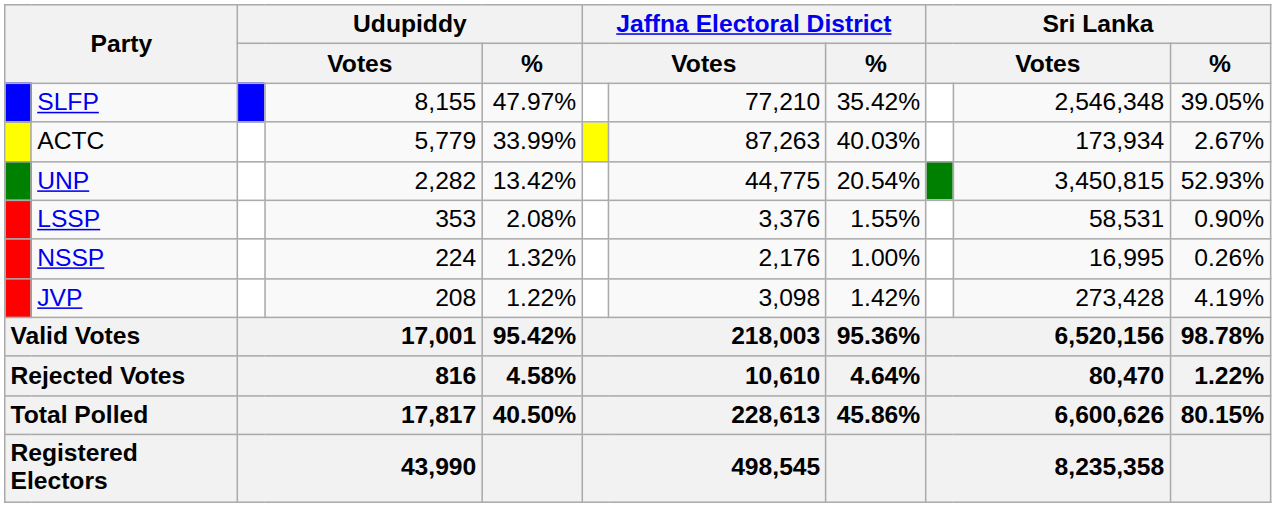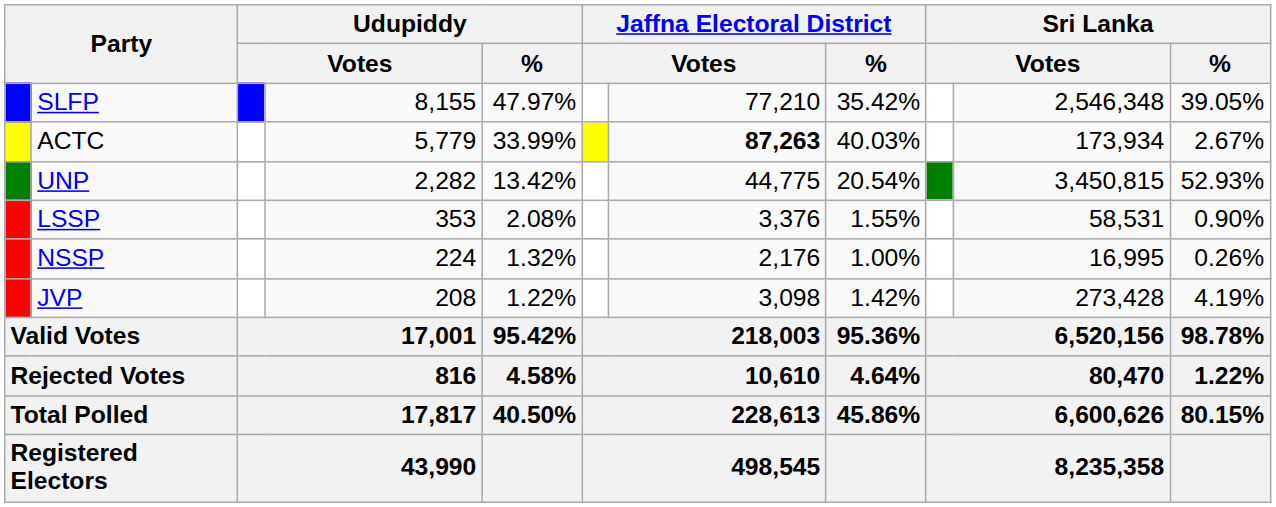 <table class="wikitable">
 <tr>
 <th colspan="2" width="144px"rowspan="2">Party</th>
 <th colspan="3" width="216px">Udupiddy</th>
 <th colspan="3" width="216px"><a href='#'>Jaffna Electoral District</a></th>
 <th colspan="3" width="216px">Sri Lanka</th>
 </tr>
 <tr>
 <th colspan="2" width="144px">Votes</th>
 <th>%</th>
 <th colspan="2" width="144px">Votes</th>
 <th>%</th>
 <th colspan="2" width="144px">Votes</th>
 <th>%</th>
 </tr>
 <tr>
 <td style="background-color:blue;" width="10px"></td>
 <td style="text-align:left;"><a href='#'>SLFP</a></td>
 <td style="background-color:blue;" width="10px"></td>
 <td style="text-align:right;">8,155</td>
 <td style="text-align:right;">47.97%</td>
 <td style="background-color:white;" width="10px"></td>
 <td style="text-align:right;">77,210</td>
 <td style="text-align:right;">35.42%</td>
 <td style="background-color:white;" width="10px"></td>
 <td style="text-align:right;">2,546,348</td>
 <td style="text-align:right;">39.05%</td>
 </tr>
 <tr>
 <td style="background-color:yellow;" width="10px"></td>
 <td style="text-align:left;">ACTC</td>
 <td style="background-color:white;" width="10px"></td>
 <td style="text-align:right;">5,779</td>
 <td style="text-align:right;">33.99%</td>
 <td style="background-color:yellow;" width="10px"></td>
-<td style="text-align:right;">87,263</td>
+<td style="text-align:right;"><strong>87,263</strong></td>
 <td style="text-align:right;">40.03%</td>
 <td style="background-color:white;" width="10px"></td>
 <td style="text-align:right;">173,934</td>
 <td style="text-align:right;">2.67%</td>
 </tr>
 <tr>
 <td style="background-color:green;" width="10px"></td>
 <td style="text-align:left;"><a href='#'>UNP</a></td>
 <td style="background-color:white;" width="10px"></td>
 <td style="text-align:right;">2,282</td>
 <td style="text-align:right;">13.42%</td>
 <td style="background-color:white;" width="10px"></td>
 <td style="text-align:right;">44,775</td>
 <td style="text-align:right;">20.54%</td>
 <td style="background-color:green;" width="10px"></td>
 <td style="text-align:right;">3,450,815</td>
 <td style="text-align:right;">52.93%</td>
 </tr>
 <tr>
 <td style="background-color:red;" width="10px"></td>
 <td style="text-align:left;"><a href='#'>LSSP</a></td>
 <td style="background-color:white;" width="10px"></td>
 <td style="text-align:right;">353</td>
 <td style="text-align:right;">2.08%</td>
 <td style="background-color:white;" width="10px"></td>
 <td style="text-align:right;">3,376</td>
 <td style="text-align:right;">1.55%</td>
 <td style="background-color:white;" width="10px"></td>
 <td style="text-align:right;">58,531</td>
 <td style="text-align:right;">0.90%</td>
 </tr>
 <tr>
 <td style="background-color:red;" width="10px"></td>
 <td style="text-align:left;"><a href='#'>NSSP</a></td>
 <td style="background-color:white;" width="10px"></td>
 <td style="text-align:right;">224</td>
 <td style="text-align:right;">1.32%</td>
 <td style="background-color:white;" width="10px"></td>
 <td style="text-align:right;">2,176</td>
 <td style="text-align:right;">1.00%</td>
 <td style="background-color:white;" width="10px"></td>
 <td style="text-align:right;">16,995</td>
 <td style="text-align:right;">0.26%</td>
 </tr>
 <tr>
 <td style="background-color:red;" width="10px"></td>
 <td style="text-align:left;"><a href='#'>JVP</a></td>
 <td style="background-color:white;" width="10px"></td>
 <td style="text-align:right;">208</td>
 <td style="text-align:right;">1.22%</td>
 <td style="background-color:white;" width="10px"></td>
 <td style="text-align:right;">3,098</td>
 <td style="text-align:right;">1.42%</td>
 <td style="background-color:white;" width="10px"></td>
 <td style="text-align:right;">273,428</td>
 <td style="text-align:right;">4.19%</td>
 </tr>
 <tr>
 <th colspan="2" width="144px"style="text-align:left;">Valid Votes</th>
 <th style="text-align:right;"colspan="2" width="144px">17,001</th>
 <th style="text-align:right;">95.42%</th>
 <th style="text-align:right;"colspan="2" width="144px">218,003</th>
 <th style="text-align:right;">95.36%</th>
 <th style="text-align:right;"colspan="2" width="144px">6,520,156</th>
 <th style="text-align:right;">98.78%</th>
 </tr>
 <tr>
 <th colspan="2" width="144px"style="text-align:left;">Rejected Votes</th>
 <th style="text-align:right;"colspan="2" width="144px">816</th>
 <th style="text-align:right;">4.58%</th>
 <th style="text-align:right;"colspan="2" width="144px">10,610</th>
 <th style="text-align:right;">4.64%</th>
 <th style="text-align:right;"colspan="2" width="144px">80,470</th>
 <th style="text-align:right;">1.22%</th>
 </tr>
 <tr>
 <th colspan="2" width="144px"style="text-align:left;">Total Polled</th>
 <th style="text-align:right;"colspan="2" width="144px">17,817</th>
 <th style="text-align:right;">40.50%</th>
 <th style="text-align:right;"colspan="2" width="144px">228,613</th>
 <th style="text-align:right;">45.86%</th>
 <th style="text-align:right;"colspan="2" width="144px">6,600,626</th>
 <th style="text-align:right;">80.15%</th>
 </tr>
 <tr>
 <th colspan="2" width="144px"style="text-align:left;">Registered Electors</th>
 <th style="text-align:right;"colspan="2" width="144px">43,990</th>
 <th></th>
 <th style="text-align:right;"colspan="2" width="144px">498,545</th>
 <th></th>
 <th style="text-align:right;"colspan="2" width="144px">8,235,358</th>
 <th></th>
 </tr>
 </table>
